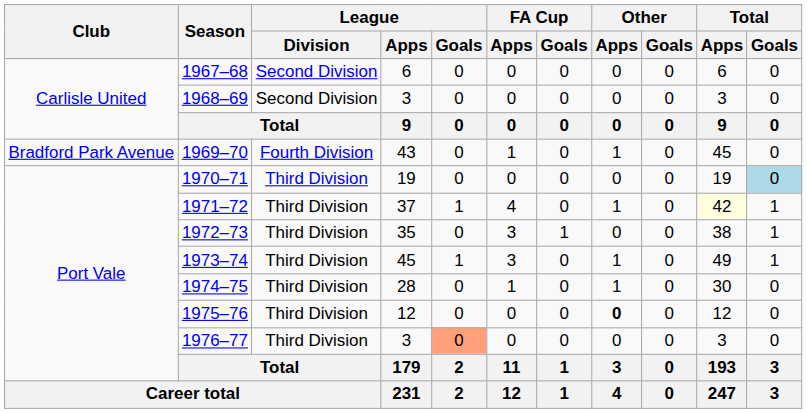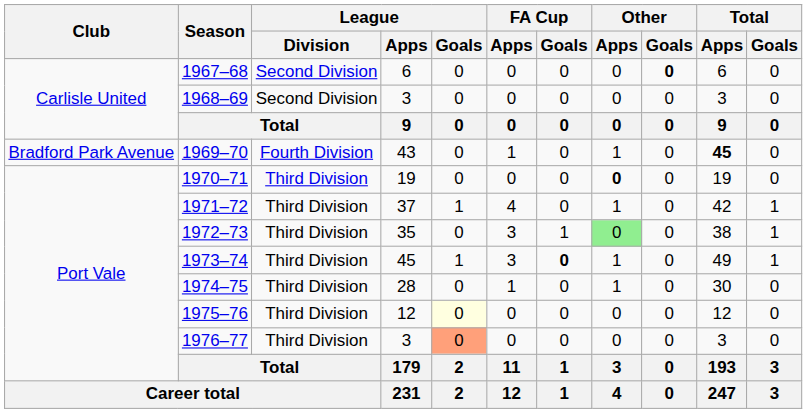 <table class="wikitable" style="text-align: center;">
 <tr>
 <th rowspan="2">Club</th>
 <th rowspan="2">Season</th>
 <th colspan="3">League</th>
 <th colspan="2">FA Cup</th>
 <th colspan="2">Other</th>
 <th colspan="2">Total</th>
 </tr>
 <tr>
 <th>Division</th>
 <th>Apps</th>
 <th>Goals</th>
 <th>Apps</th>
 <th>Goals</th>
 <th>Apps</th>
 <th>Goals</th>
 <th>Apps</th>
 <th>Goals</th>
 </tr>
 <tr>
 <td rowspan="3"><a href='#'>Carlisle United</a></td>
 <td><a href='#'>1967–68</a></td>
 <td><a href='#'>Second Division</a></td>
 <td>6</td>
 <td>0</td>
 <td>0</td>
 <td>0</td>
 <td>0</td>
-<td>0</td>
+<td><strong>0</strong></td>
 <td>6</td>
 <td>0</td>
 </tr>
 <tr>
 <td><a href='#'>1968–69</a></td>
 <td>Second Division</td>
 <td>3</td>
 <td>0</td>
 <td>0</td>
 <td>0</td>
 <td>0</td>
 <td>0</td>
 <td>3</td>
 <td>0</td>
 </tr>
 <tr>
 <th colspan="2">Total</th>
 <th>9</th>
 <th>0</th>
 <th>0</th>
 <th>0</th>
 <th>0</th>
 <th>0</th>
 <th>9</th>
 <th>0</th>
 </tr>
 <tr>
 <td><a href='#'>Bradford Park Avenue</a></td>
 <td><a href='#'>1969–70</a></td>
 <td><a href='#'>Fourth Division</a></td>
 <td>43</td>
 <td>0</td>
 <td>1</td>
 <td>0</td>
 <td>1</td>
 <td>0</td>
-<td>45</td>
+<td><strong>45</strong></td>
 <td>0</td>
 </tr>
 <tr>
 <td rowspan="8"><a href='#'>Port Vale</a></td>
 <td><a href='#'>1970–71</a></td>
 <td><a href='#'>Third Division</a></td>
 <td>19</td>
 <td>0</td>
 <td>0</td>
 <td>0</td>
-<td>0</td>
+<td><strong>0</strong></td>
 <td>0</td>
 <td>19</td>
-<td style="background: lightblue;">0</td>
+<td>0</td>
 </tr>
 <tr>
 <td><a href='#'>1971–72</a></td>
 <td>Third Division</td>
 <td>37</td>
 <td>1</td>
 <td>4</td>
 <td>0</td>
 <td>1</td>
 <td>0</td>
-<td style="background: lightyellow;">42</td>
+<td>42</td>
 <td>1</td>
 </tr>
 <tr>
 <td><a href='#'>1972–73</a></td>
 <td>Third Division</td>
 <td>35</td>
 <td>0</td>
 <td>3</td>
 <td>1</td>
-<td>0</td>
+<td style="background: lightgreen;">0</td>
 <td>0</td>
 <td>38</td>
 <td>1</td>
 </tr>
 <tr>
 <td><a href='#'>1973–74</a></td>
 <td>Third Division</td>
 <td>45</td>
 <td>1</td>
 <td>3</td>
-<td>0</td>
+<td><strong>0</strong></td>
 <td>1</td>
 <td>0</td>
 <td>49</td>
 <td>1</td>
 </tr>
 <tr>
 <td><a href='#'>1974–75</a></td>
 <td>Third Division</td>
 <td>28</td>
 <td>0</td>
 <td>1</td>
 <td>0</td>
 <td>1</td>
 <td>0</td>
 <td>30</td>
 <td>0</td>
 </tr>
 <tr>
 <td><a href='#'>1975–76</a></td>
 <td>Third Division</td>
 <td>12</td>
+<td style="background: lightyellow;">0</td>
 <td>0</td>
 <td>0</td>
 <td>0</td>
-<td><strong>0</strong></td>
 <td>0</td>
 <td>12</td>
 <td>0</td>
 </tr>
 <tr>
 <td><a href='#'>1976–77</a></td>
 <td>Third Division</td>
 <td>3</td>
 <td style="background: lightsalmon;">0</td>
 <td>0</td>
 <td>0</td>
 <td>0</td>
 <td>0</td>
 <td>3</td>
 <td>0</td>
 </tr>
 <tr>
 <th colspan="2">Total</th>
 <th>179</th>
 <th>2</th>
 <th>11</th>
 <th>1</th>
 <th>3</th>
 <th>0</th>
 <th>193</th>
 <th>3</th>
 </tr>
 <tr>
 <th colspan="3">Career total</th>
 <th>231</th>
 <th>2</th>
 <th>12</th>
 <th>1</th>
 <th>4</th>
 <th>0</th>
 <th>247</th>
 <th>3</th>
 </tr>
 </table>
